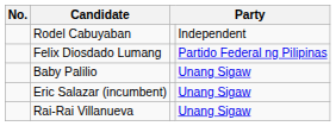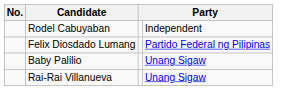 <table class="wikitable sortable" style="text-align:left;">
 <tr>
 <th>No.</th>
 <th>Candidate</th>
 <th colspan="2">Party</th>
 </tr>
 <tr>
 <td></td>
 <td>Rodel Cabuyaban</td>
 <td></td>
 <td>Independent</td>
 </tr>
 <tr>
 <td></td>
 <td>Felix Diosdado Lumang</td>
 <td></td>
 <td><a href='#'>Partido Federal ng Pilipinas</a></td>
 </tr>
 <tr>
 <td></td>
 <td>Baby Palilio</td>
 <td></td>
 <td><a href='#'>Unang Sigaw</a></td>
 </tr>
 <tr>
 <td></td>
-<td>Eric Salazar (incumbent)</td>
-<td></td>
-<td><a href='#'>Unang Sigaw</a></td>
-</tr>
-<tr>
-<td></td>
 <td>Rai-Rai Villanueva</td>
 <td></td>
 <td><a href='#'>Unang Sigaw</a></td>
 </tr>
 </table>
